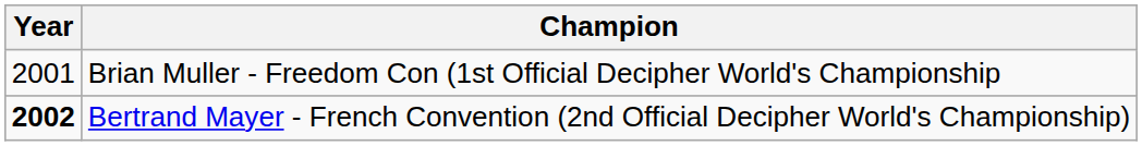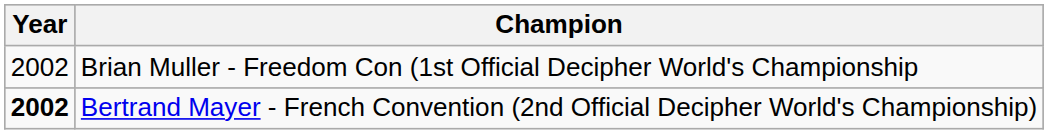 <table class="wikitable">
 <tr>
 <th>Year</th>
 <th>Champion</th>
 </tr>
 <tr>
-<td>2001</td>
+<td>2002</td>
 <td>Brian Muller - Freedom Con (1st Official Decipher World's Championship</td>
 </tr>
 <tr>
 <td><strong>2002</strong></td>
 <td><a href='#'>Bertrand Mayer</a> - French Convention (2nd Official Decipher World's Championship)</td>
 </tr>
 </table>
